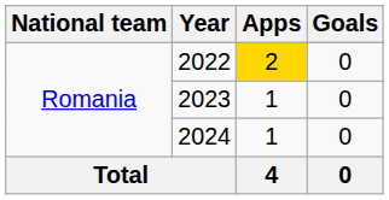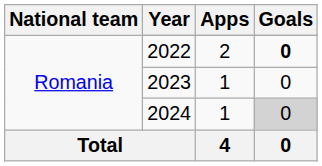 <table class="wikitable" style="text-align: center;">
 <tr>
 <th>National team</th>
 <th>Year</th>
 <th>Apps</th>
 <th>Goals</th>
 </tr>
 <tr>
 <td rowspan="4"><a href='#'>Romania</a></td>
 </tr>
 <tr>
 <td>2022</td>
-<td style="background: gold;">2</td>
-<td>0</td>
+<td>2</td>
+<td><strong>0</strong></td>
 </tr>
 <tr>
 <td>2023</td>
 <td>1</td>
 <td>0</td>
 </tr>
 <tr>
 <td>2024</td>
 <td>1</td>
-<td>0</td>
+<td style="background: lightgrey;">0</td>
 </tr>
 <tr>
 <th colspan=2>Total</th>
 <th>4</th>
 <th>0</th>
 </tr>
 </table>
